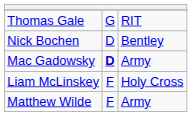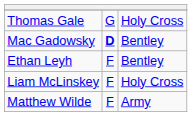 <table class="wikitable">
 <tr>
 <th colspan=3;><a href='#'><strong></strong></a></th>
 </tr>
 <tr>
 </tr>
 <tr>
 <td><a href='#'>Thomas Gale</a></td>
 <td style="text-align:center;"><a href='#'>G</a></td>
-<td><a href='#'>RIT</a></td>
-</tr>
-<tr>
-<td><a href='#'>Nick Bochen</a></td>
-<td style="text-align:center;"><a href='#'>D</a></td>
-<td><a href='#'>Bentley</a></td>
+<td><a href='#'>Holy Cross</a></td>
 </tr>
 <tr>
 <td><a href='#'>Mac Gadowsky</a></td>
 <td style="text-align:center;"><strong><a href='#'>D</a></strong></td>
-<td><a href='#'>Army</a></td>
+<td><a href='#'>Bentley</a></td>
+</tr>
+<tr>
+<td><a href='#'>Ethan Leyh</a></td>
+<td style="text-align:center;"><a href='#'>F</a></td>
+<td><a href='#'>Bentley</a></td>
 </tr>
 <tr>
 <td><a href='#'>Liam McLinskey</a></td>
 <td style="text-align:center;"><a href='#'>F</a></td>
 <td><a href='#'>Holy Cross</a></td>
 </tr>
 <tr>
 <td><a href='#'>Matthew Wilde</a></td>
 <td style="text-align:center;"><a href='#'>F</a></td>
 <td><a href='#'>Army</a></td>
 </tr>
 </table>
